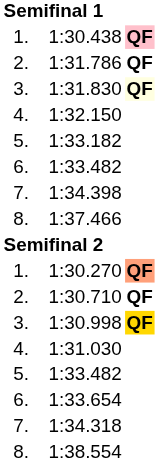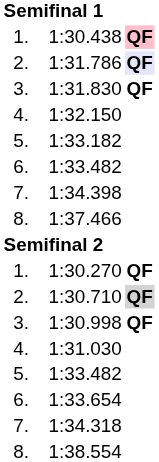 <table style="text-align:center">
 <tr>
 <td colspan=4 align=left><strong>Semifinal 1</strong></td>
 </tr>
 <tr>
 <td width=30>1.</td>
 <td align=left></td>
 <td width=60>1:30.438</td>
 <td style="background: pink;"><strong>QF</strong></td>
 </tr>
 <tr>
 <td>2.</td>
 <td align=left></td>
 <td>1:31.786</td>
-<td><strong>QF</strong></td>
+<td style="background: lavender;"><strong>QF</strong></td>
 </tr>
 <tr>
 <td>3.</td>
 <td align=left></td>
 <td>1:31.830</td>
-<td style="background: lightyellow;"><strong>QF</strong></td>
+<td><strong>QF</strong></td>
 </tr>
 <tr>
 <td>4.</td>
 <td align=left></td>
 <td>1:32.150</td>
 </tr>
 <tr>
 <td>5.</td>
 <td align=left></td>
 <td>1:33.182</td>
 </tr>
 <tr>
 <td>6.</td>
 <td align=left></td>
 <td>1:33.482</td>
 </tr>
 <tr>
 <td>7.</td>
 <td align=left></td>
 <td>1:34.398</td>
 </tr>
 <tr>
 <td>8.</td>
 <td align=left></td>
 <td>1:37.466</td>
 </tr>
 <tr>
 <td colspan=4 align=left><strong>Semifinal 2</strong></td>
 </tr>
 <tr>
 <td>1.</td>
 <td align=left></td>
 <td>1:30.270</td>
-<td style="background: lightsalmon;"><strong>QF</strong></td>
+<td><strong>QF</strong></td>
 </tr>
 <tr>
 <td>2.</td>
 <td align=left></td>
 <td>1:30.710</td>
-<td><strong>QF</strong></td>
+<td style="background: lightgrey;"><strong>QF</strong></td>
 </tr>
 <tr>
 <td>3.</td>
 <td align=left></td>
 <td>1:30.998</td>
-<td style="background: gold;"><strong>QF</strong></td>
+<td><strong>QF</strong></td>
 </tr>
 <tr>
 <td>4.</td>
 <td align=left></td>
 <td>1:31.030</td>
 </tr>
 <tr>
 <td>5.</td>
 <td align=left></td>
 <td>1:33.482</td>
 </tr>
 <tr>
 <td>6.</td>
 <td align=left></td>
 <td>1:33.654</td>
 </tr>
 <tr>
 <td>7.</td>
 <td align=left></td>
 <td>1:34.318</td>
 </tr>
 <tr>
 <td>8.</td>
 <td align=left></td>
 <td>1:38.554</td>
 </tr>
 </table>
